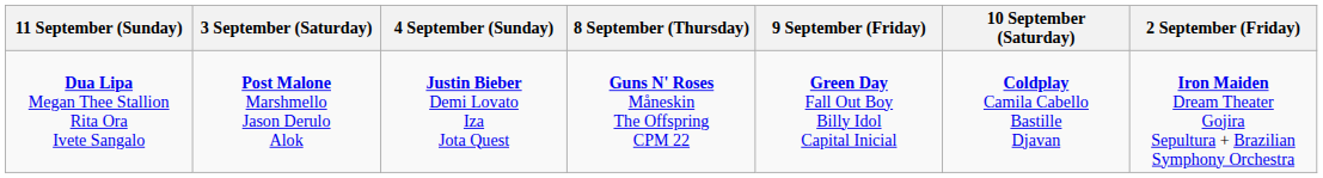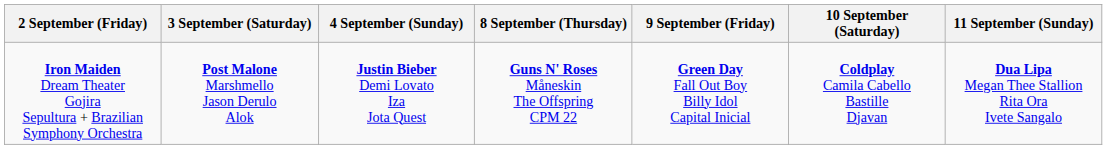 <table class="wikitable">
 <tr>
-<th>11 September (Sunday)</th>
+<th>2 September (Friday)</th>
 <th>3 September (Saturday)</th>
 <th>4 September (Sunday)</th>
 <th>8 September (Thursday)</th>
 <th>9 September (Friday)</th>
 <th>10 September (Saturday)</th>
-<th>2 September (Friday)</th>
+<th>11 September (Sunday)</th>
 </tr>
 <tr>
-<td style="text-align:center; vertical-align:top; width:200px;"><br><strong><a href='#'>Dua Lipa</a></strong><br> <a href='#'>Megan Thee Stallion</a><br> <a href='#'>Rita Ora</a><br> <a href='#'>Ivete Sangalo</a></td>
+<td style="text-align:center; vertical-align:top; width:200px;"><br><strong><a href='#'>Iron Maiden</a></strong><br> <a href='#'>Dream Theater</a><br> <a href='#'>Gojira</a><br> <a href='#'>Sepultura</a> + <a href='#'>Brazilian Symphony Orchestra</a></td>
 <td style="text-align:center; vertical-align:top; width:200px;"><br><strong><a href='#'>Post Malone</a></strong><br> <a href='#'>Marshmello</a><br> <a href='#'>Jason Derulo</a><br> <a href='#'>Alok</a></td>
 <td style="text-align:center; vertical-align:top; width:200px;"><br><strong><a href='#'>Justin Bieber</a></strong><br> <a href='#'>Demi Lovato</a><br> <a href='#'>Iza</a><br> <a href='#'>Jota Quest</a></td>
 <td style="text-align:center; vertical-align:top; width:200px;"><br><strong><a href='#'>Guns N' Roses</a></strong><br> <a href='#'>Måneskin</a><br> <a href='#'>The Offspring</a><br> <a href='#'>CPM 22</a></td>
 <td style="text-align:center; vertical-align:top; width:200px;"><br><strong><a href='#'>Green Day</a></strong><br> <a href='#'>Fall Out Boy</a><br> <a href='#'>Billy Idol</a><br> <a href='#'>Capital Inicial</a></td>
 <td style="text-align:center; vertical-align:top; width:200px;"><br><strong><a href='#'>Coldplay</a></strong><br> <a href='#'>Camila Cabello</a><br> <a href='#'>Bastille</a><br> <a href='#'>Djavan</a></td>
-<td style="text-align:center; vertical-align:top; width:200px;"><br><strong><a href='#'>Iron Maiden</a></strong><br> <a href='#'>Dream Theater</a><br> <a href='#'>Gojira</a><br> <a href='#'>Sepultura</a> + <a href='#'>Brazilian Symphony Orchestra</a></td>
+<td style="text-align:center; vertical-align:top; width:200px;"><br><strong><a href='#'>Dua Lipa</a></strong><br> <a href='#'>Megan Thee Stallion</a><br> <a href='#'>Rita Ora</a><br> <a href='#'>Ivete Sangalo</a></td>
 </tr>
 </table>
